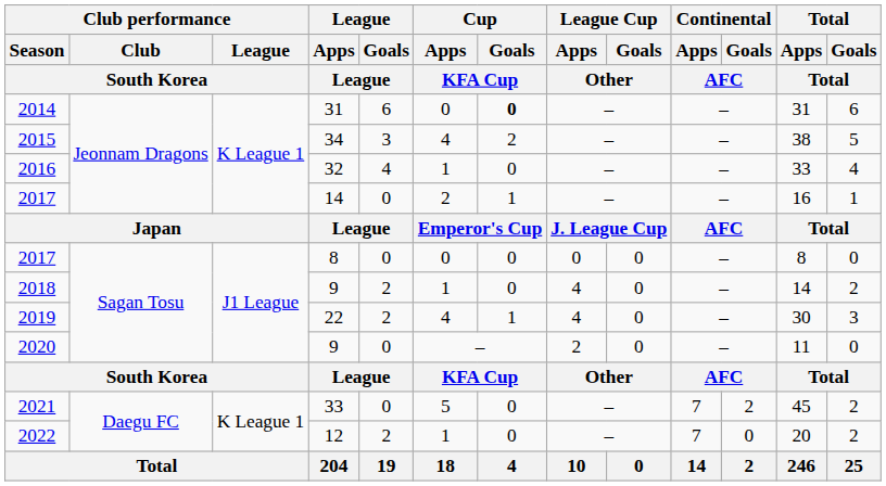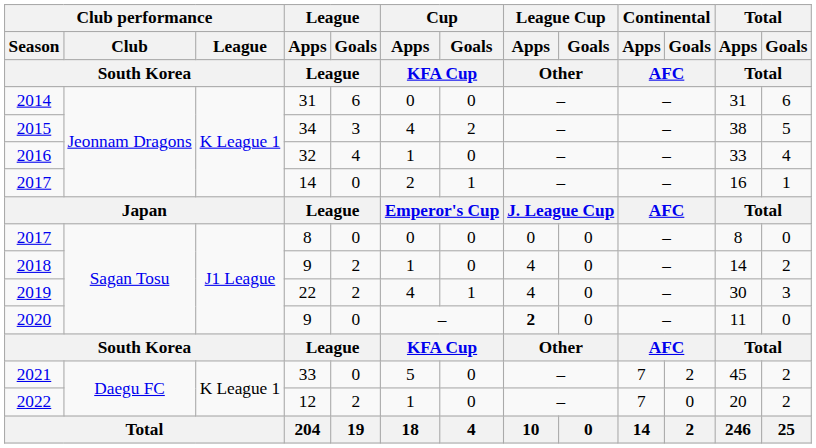 <table class="wikitable" style="text-align:center;">
 <tr>
 <th colspan=3>Club performance</th>
 <th colspan=2>League</th>
 <th colspan=2>Cup</th>
 <th colspan=2>League Cup</th>
 <th colspan=2>Continental</th>
 <th colspan=2>Total</th>
 </tr>
 <tr>
 <th>Season</th>
 <th>Club</th>
 <th>League</th>
 <th>Apps</th>
 <th>Goals</th>
 <th>Apps</th>
 <th>Goals</th>
 <th>Apps</th>
 <th>Goals</th>
 <th>Apps</th>
 <th>Goals</th>
 <th>Apps</th>
 <th>Goals</th>
 </tr>
 <tr>
 <th colspan=3>South Korea</th>
 <th colspan=2>League</th>
 <th colspan=2><a href='#'>KFA Cup</a></th>
 <th colspan=2>Other</th>
 <th colspan=2><a href='#'>AFC</a></th>
 <th colspan=2>Total</th>
 </tr>
 <tr>
 <td><a href='#'>2014</a></td>
 <td rowspan="4"><a href='#'>Jeonnam Dragons</a></td>
 <td rowspan="4"><a href='#'>K League 1</a></td>
 <td>31</td>
 <td>6</td>
 <td>0</td>
-<td><strong>0</strong></td>
+<td>0</td>
 <td colspan="2">–</td>
 <td colspan="2">–</td>
 <td>31</td>
 <td>6</td>
 </tr>
 <tr>
 <td><a href='#'>2015</a></td>
 <td>34</td>
 <td>3</td>
 <td>4</td>
 <td>2</td>
 <td colspan="2">–</td>
 <td colspan="2">–</td>
 <td>38</td>
 <td>5</td>
 </tr>
 <tr>
 <td><a href='#'>2016</a></td>
 <td>32</td>
 <td>4</td>
 <td>1</td>
 <td>0</td>
 <td colspan="2">–</td>
 <td colspan="2">–</td>
 <td>33</td>
 <td>4</td>
 </tr>
 <tr>
 <td><a href='#'>2017</a></td>
 <td>14</td>
 <td>0</td>
 <td>2</td>
 <td>1</td>
 <td colspan="2">–</td>
 <td colspan="2">–</td>
 <td>16</td>
 <td>1</td>
 </tr>
 <tr>
 <th colspan=3>Japan</th>
 <th colspan=2>League</th>
 <th colspan=2><a href='#'>Emperor's Cup</a></th>
 <th colspan=2><a href='#'>J. League Cup</a></th>
 <th colspan=2><a href='#'>AFC</a></th>
 <th colspan=2>Total</th>
 </tr>
 <tr>
 <td><a href='#'>2017</a></td>
 <td rowspan="4"><a href='#'>Sagan Tosu</a></td>
 <td rowspan="4"><a href='#'>J1 League</a></td>
 <td>8</td>
 <td>0</td>
 <td>0</td>
 <td>0</td>
 <td>0</td>
 <td>0</td>
 <td colspan="2">–</td>
 <td>8</td>
 <td>0</td>
 </tr>
 <tr>
 <td><a href='#'>2018</a></td>
 <td>9</td>
 <td>2</td>
 <td>1</td>
 <td>0</td>
 <td>4</td>
 <td>0</td>
 <td colspan="2">–</td>
 <td>14</td>
 <td>2</td>
 </tr>
 <tr>
 <td><a href='#'>2019</a></td>
 <td>22</td>
 <td>2</td>
 <td>4</td>
 <td>1</td>
 <td>4</td>
 <td>0</td>
 <td colspan="2">–</td>
 <td>30</td>
 <td>3</td>
 </tr>
 <tr>
 <td><a href='#'>2020</a></td>
 <td>9</td>
 <td>0</td>
 <td colspan="2">–</td>
-<td>2</td>
+<td><strong>2</strong></td>
 <td>0</td>
 <td colspan="2">–</td>
 <td>11</td>
 <td>0</td>
 </tr>
 <tr>
 <th colspan=3>South Korea</th>
 <th colspan=2>League</th>
 <th colspan=2><a href='#'>KFA Cup</a></th>
 <th colspan=2>Other</th>
 <th colspan=2><a href='#'>AFC</a></th>
 <th colspan=2>Total</th>
 </tr>
 <tr>
 <td><a href='#'>2021</a></td>
 <td rowspan="2"><a href='#'>Daegu FC</a></td>
 <td rowspan="2">K League 1</td>
 <td>33</td>
 <td>0</td>
 <td>5</td>
 <td>0</td>
 <td colspan="2">–</td>
 <td>7</td>
 <td>2</td>
 <td>45</td>
 <td>2</td>
 </tr>
 <tr>
 <td><a href='#'>2022</a></td>
 <td>12</td>
 <td>2</td>
 <td>1</td>
 <td>0</td>
 <td colspan="2">–</td>
 <td>7</td>
 <td>0</td>
 <td>20</td>
 <td>2</td>
 </tr>
 <tr>
 <th colspan=3>Total</th>
 <th>204</th>
 <th>19</th>
 <th>18</th>
 <th>4</th>
 <th>10</th>
 <th>0</th>
 <th>14</th>
 <th>2</th>
 <th>246</th>
 <th>25</th>
 </tr>
 </table>
